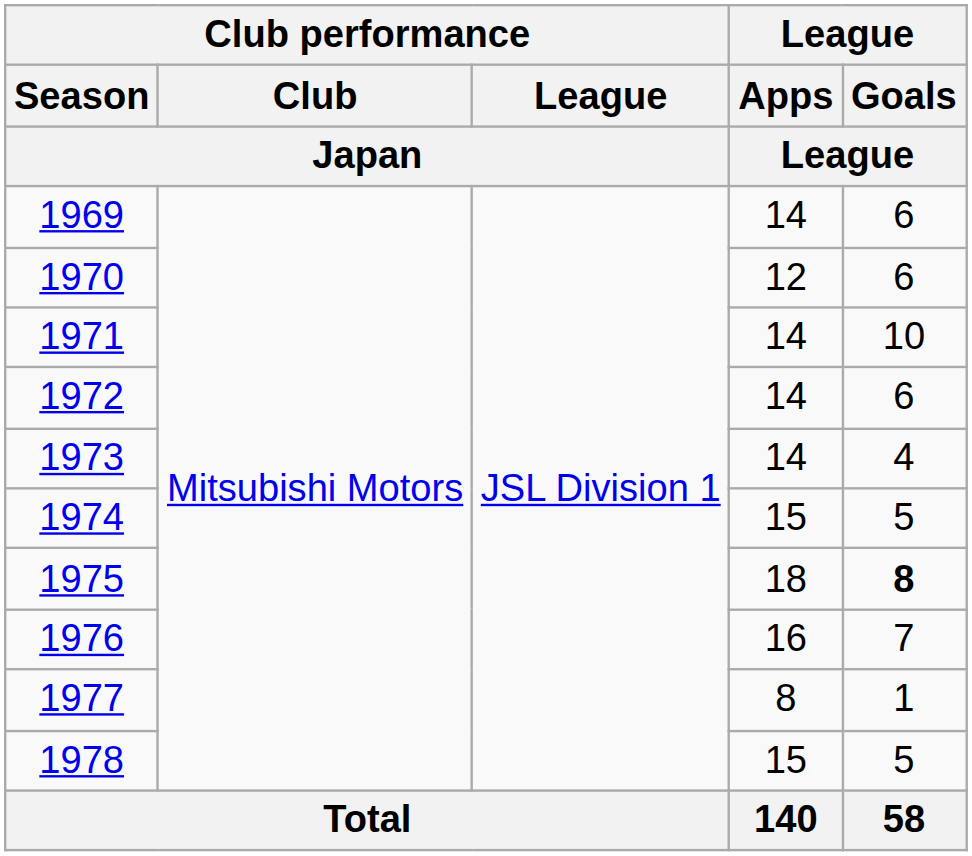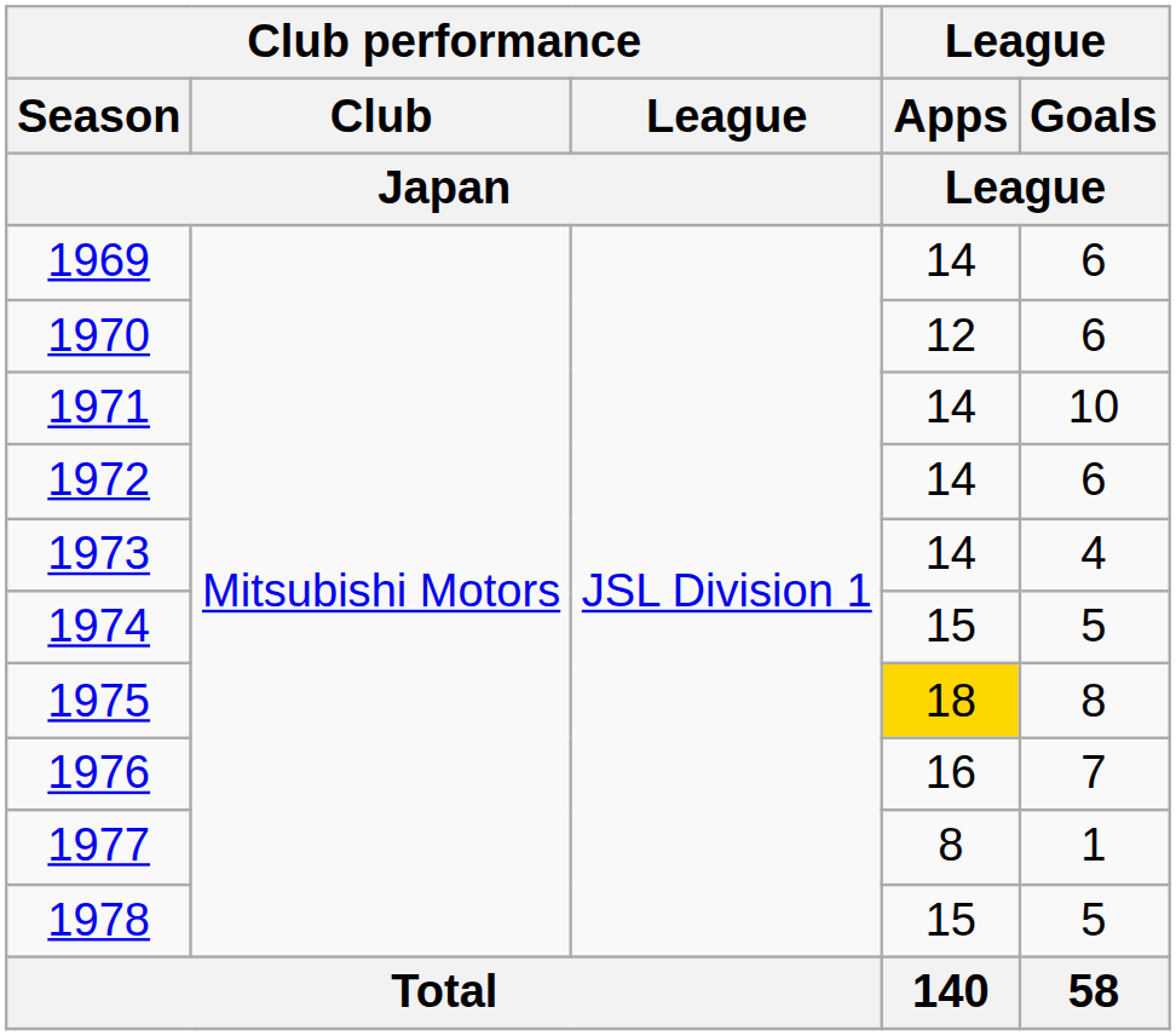 <table class="wikitable" style="text-align:center;">
 <tr>
 <th colspan=3>Club performance</th>
 <th colspan=2>League</th>
 </tr>
 <tr>
 <th>Season</th>
 <th>Club</th>
 <th>League</th>
 <th>Apps</th>
 <th>Goals</th>
 </tr>
 <tr>
 <th colspan=3>Japan</th>
 <th colspan=2>League</th>
 </tr>
 <tr>
 <td><a href='#'>1969</a></td>
 <td rowspan="10"><a href='#'>Mitsubishi Motors</a></td>
 <td rowspan="10"><a href='#'>JSL Division 1</a></td>
 <td>14</td>
 <td>6</td>
 </tr>
 <tr>
 <td><a href='#'>1970</a></td>
 <td>12</td>
 <td>6</td>
 </tr>
 <tr>
 <td><a href='#'>1971</a></td>
 <td>14</td>
 <td>10</td>
 </tr>
 <tr>
 <td><a href='#'>1972</a></td>
 <td>14</td>
 <td>6</td>
 </tr>
 <tr>
 <td><a href='#'>1973</a></td>
 <td>14</td>
 <td>4</td>
 </tr>
 <tr>
 <td><a href='#'>1974</a></td>
 <td>15</td>
 <td>5</td>
 </tr>
 <tr>
 <td><a href='#'>1975</a></td>
-<td>18</td>
-<td><strong>8</strong></td>
+<td style="background: gold;">18</td>
+<td>8</td>
 </tr>
 <tr>
 <td><a href='#'>1976</a></td>
 <td>16</td>
 <td>7</td>
 </tr>
 <tr>
 <td><a href='#'>1977</a></td>
 <td>8</td>
 <td>1</td>
 </tr>
 <tr>
 <td><a href='#'>1978</a></td>
 <td>15</td>
 <td>5</td>
 </tr>
 <tr>
 <th colspan=3>Total</th>
 <th>140</th>
 <th>58</th>
 </tr>
 </table>
